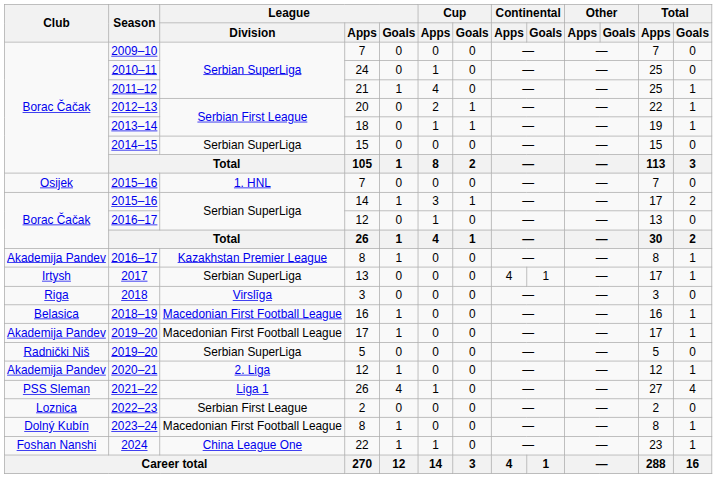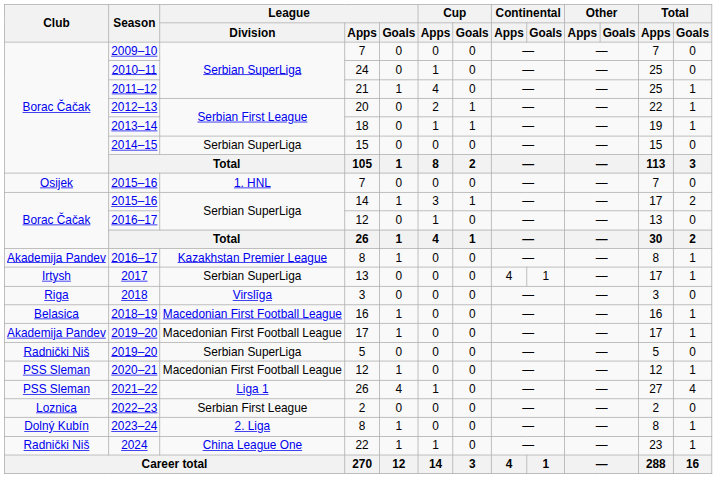 <table class="wikitable" style="text-align: center">
 <tr>
 <th rowspan="2">Club</th>
 <th rowspan="2">Season</th>
 <th colspan="3">League</th>
 <th colspan="2">Cup</th>
 <th colspan="2">Continental</th>
 <th colspan="2">Other</th>
 <th colspan="2">Total</th>
 </tr>
 <tr>
 <th>Division</th>
 <th>Apps</th>
 <th>Goals</th>
 <th>Apps</th>
 <th>Goals</th>
 <th>Apps</th>
 <th>Goals</th>
 <th>Apps</th>
 <th>Goals</th>
 <th>Apps</th>
 <th>Goals</th>
 </tr>
 <tr>
 <td rowspan="7"><a href='#'>Borac Čačak</a></td>
 <td><a href='#'>2009–10</a></td>
 <td rowspan=3><a href='#'>Serbian SuperLiga</a></td>
 <td>7</td>
 <td>0</td>
 <td>0</td>
 <td>0</td>
 <td colspan="2">—</td>
 <td colspan="2">—</td>
 <td>7</td>
 <td>0</td>
 </tr>
 <tr>
 <td><a href='#'>2010–11</a></td>
 <td>24</td>
 <td>0</td>
 <td>1</td>
 <td>0</td>
 <td colspan="2">—</td>
 <td colspan="2">—</td>
 <td>25</td>
 <td>0</td>
 </tr>
 <tr>
 <td><a href='#'>2011–12</a></td>
 <td>21</td>
 <td>1</td>
 <td>4</td>
 <td>0</td>
 <td colspan="2">—</td>
 <td colspan="2">—</td>
 <td>25</td>
 <td>1</td>
 </tr>
 <tr>
 <td><a href='#'>2012–13</a></td>
 <td rowspan=2><a href='#'>Serbian First League</a></td>
 <td>20</td>
 <td>0</td>
 <td>2</td>
 <td>1</td>
 <td colspan="2">—</td>
 <td colspan="2">—</td>
 <td>22</td>
 <td>1</td>
 </tr>
 <tr>
 <td><a href='#'>2013–14</a></td>
 <td>18</td>
 <td>0</td>
 <td>1</td>
 <td>1</td>
 <td colspan="2">—</td>
 <td colspan="2">—</td>
 <td>19</td>
 <td>1</td>
 </tr>
 <tr>
 <td><a href='#'>2014–15</a></td>
 <td>Serbian SuperLiga</td>
 <td>15</td>
 <td>0</td>
 <td>0</td>
 <td>0</td>
 <td colspan="2">—</td>
 <td colspan="2">—</td>
 <td>15</td>
 <td>0</td>
 </tr>
 <tr>
 <th colspan="2">Total</th>
 <th>105</th>
 <th>1</th>
 <th>8</th>
 <th>2</th>
 <th colspan="2">—</th>
 <th colspan="2">—</th>
 <th>113</th>
 <th>3</th>
 </tr>
 <tr>
 <td><a href='#'>Osijek</a></td>
 <td><a href='#'>2015–16</a></td>
 <td><a href='#'>1. HNL</a></td>
 <td>7</td>
 <td>0</td>
 <td>0</td>
 <td>0</td>
 <td colspan="2">—</td>
 <td colspan="2">—</td>
 <td>7</td>
 <td>0</td>
 </tr>
 <tr>
 <td rowspan="3"><a href='#'>Borac Čačak</a></td>
 <td><a href='#'>2015–16</a></td>
 <td rowspan="2">Serbian SuperLiga</td>
 <td>14</td>
 <td>1</td>
 <td>3</td>
 <td>1</td>
 <td colspan="2">—</td>
 <td colspan="2">—</td>
 <td>17</td>
 <td>2</td>
 </tr>
 <tr>
 <td><a href='#'>2016–17</a></td>
 <td>12</td>
 <td>0</td>
 <td>1</td>
 <td>0</td>
 <td colspan="2">—</td>
 <td colspan="2">—</td>
 <td>13</td>
 <td>0</td>
 </tr>
 <tr>
 <th colspan="2">Total</th>
 <th>26</th>
 <th>1</th>
 <th>4</th>
 <th>1</th>
 <th colspan="2">—</th>
 <th colspan="2">—</th>
 <th>30</th>
 <th>2</th>
 </tr>
 <tr>
 <td><a href='#'>Akademija Pandev</a></td>
 <td><a href='#'>2016–17</a></td>
 <td><a href='#'>Kazakhstan Premier League</a></td>
 <td>8</td>
 <td>1</td>
 <td>0</td>
 <td>0</td>
 <td colspan="2">—</td>
 <td colspan="2">—</td>
 <td>8</td>
 <td>1</td>
 </tr>
 <tr>
 <td><a href='#'>Irtysh</a></td>
 <td><a href='#'>2017</a></td>
 <td>Serbian SuperLiga</td>
 <td>13</td>
 <td>0</td>
 <td>0</td>
 <td>0</td>
 <td>4</td>
 <td>1</td>
 <td colspan="2">—</td>
 <td>17</td>
 <td>1</td>
 </tr>
 <tr>
 <td><a href='#'>Riga</a></td>
 <td><a href='#'>2018</a></td>
 <td><a href='#'>Virslīga</a></td>
 <td>3</td>
 <td>0</td>
 <td>0</td>
 <td>0</td>
 <td colspan="2">—</td>
 <td colspan="2">—</td>
 <td>3</td>
 <td>0</td>
 </tr>
 <tr>
 <td><a href='#'>Belasica</a></td>
 <td><a href='#'>2018–19</a></td>
 <td><a href='#'>Macedonian First Football League</a></td>
 <td>16</td>
 <td>1</td>
 <td>0</td>
 <td>0</td>
 <td colspan="2">—</td>
 <td colspan="2">—</td>
 <td>16</td>
 <td>1</td>
 </tr>
 <tr>
 <td><a href='#'>Akademija Pandev</a></td>
 <td><a href='#'>2019–20</a></td>
 <td>Macedonian First Football League</td>
 <td>17</td>
 <td>1</td>
 <td>0</td>
 <td>0</td>
 <td colspan="2">—</td>
 <td colspan="2">—</td>
 <td>17</td>
 <td>1</td>
 </tr>
 <tr>
 <td><a href='#'>Radnički Niš</a></td>
 <td><a href='#'>2019–20</a></td>
 <td>Serbian SuperLiga</td>
 <td>5</td>
 <td>0</td>
 <td>0</td>
 <td>0</td>
 <td colspan="2">—</td>
 <td colspan="2">—</td>
 <td>5</td>
 <td>0</td>
 </tr>
 <tr>
-<td><a href='#'>Akademija Pandev</a></td>
+<td><a href='#'>PSS Sleman</a></td>
 <td><a href='#'>2020–21</a></td>
-<td><a href='#'>2. Liga</a></td>
+<td>Macedonian First Football League</td>
 <td>12</td>
 <td>1</td>
 <td>0</td>
 <td>0</td>
 <td colspan="2">—</td>
 <td colspan="2">—</td>
 <td>12</td>
 <td>1</td>
 </tr>
 <tr>
 <td><a href='#'>PSS Sleman</a></td>
 <td><a href='#'>2021–22</a></td>
 <td><a href='#'>Liga 1</a></td>
 <td>26</td>
 <td>4</td>
 <td>1</td>
 <td>0</td>
 <td colspan="2">—</td>
 <td colspan="2">—</td>
 <td>27</td>
 <td>4</td>
 </tr>
 <tr>
 <td><a href='#'>Loznica</a></td>
 <td><a href='#'>2022–23</a></td>
 <td>Serbian First League</td>
 <td>2</td>
 <td>0</td>
 <td>0</td>
 <td>0</td>
 <td colspan="2">—</td>
 <td colspan="2">—</td>
 <td>2</td>
 <td>0</td>
 </tr>
 <tr>
 <td><a href='#'>Dolný Kubín</a></td>
 <td><a href='#'>2023–24</a></td>
-<td>Macedonian First Football League</td>
+<td><a href='#'>2. Liga</a></td>
 <td>8</td>
 <td>1</td>
 <td>0</td>
 <td>0</td>
 <td colspan="2">—</td>
 <td colspan="2">—</td>
 <td>8</td>
 <td>1</td>
 </tr>
 <tr>
-<td><a href='#'>Foshan Nanshi</a></td>
+<td><a href='#'>Radnički Niš</a></td>
 <td><a href='#'>2024</a></td>
 <td><a href='#'>China League One</a></td>
 <td>22</td>
 <td>1</td>
 <td>1</td>
 <td>0</td>
 <td colspan="2">—</td>
 <td colspan="2">—</td>
 <td>23</td>
 <td>1</td>
 </tr>
 <tr>
 <th colspan="3">Career total</th>
 <th>270</th>
 <th>12</th>
 <th>14</th>
 <th>3</th>
 <th>4</th>
 <th>1</th>
 <th colspan="2">—</th>
 <th>288</th>
 <th>16</th>
 </tr>
 </table>
